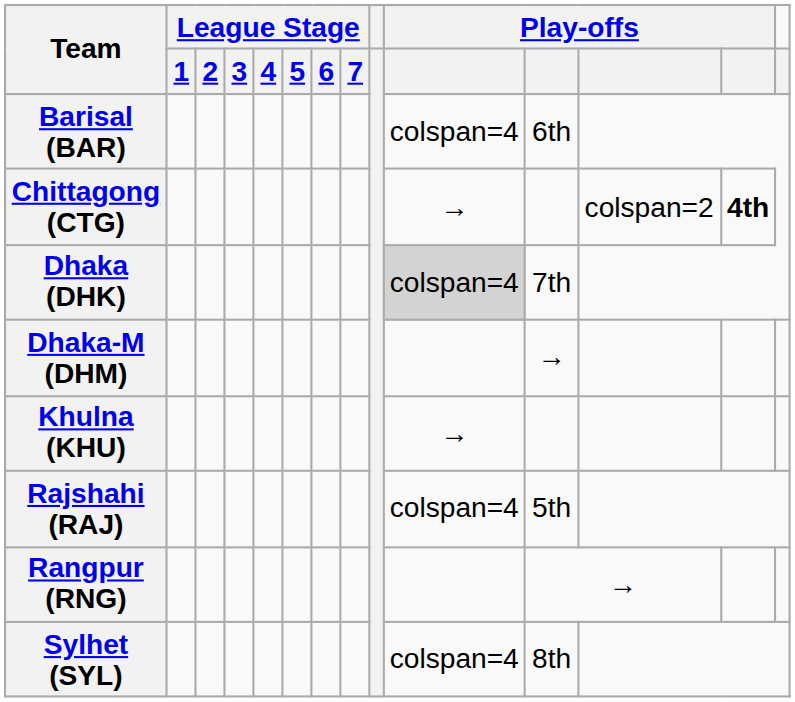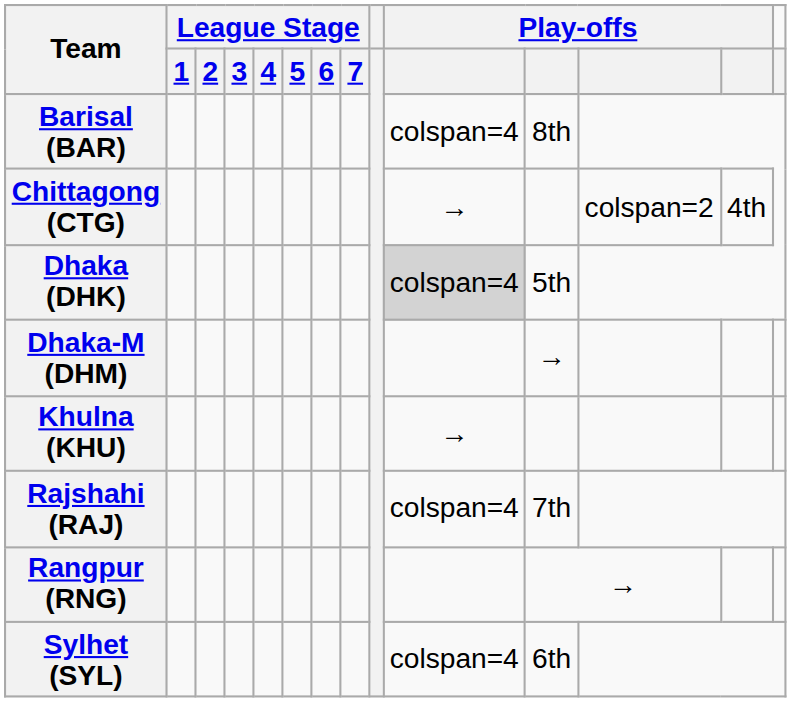 <table class="wikitable" style="font-size:85%; text-align:center;">
 <tr>
 <th style="text-align: center" rowspan=2>Team</th>
 <th style="text-align: center" colspan=7><strong><a href='#'>League Stage</a></strong></th>
 <th></th>
 <th style="text-align: center" colspan=4><strong><a href='#'>Play-offs</a></strong></th>
 </tr>
 <tr>
 <th><a href='#'>1</a></th>
 <th><a href='#'>2</a></th>
 <th><a href='#'>3</a></th>
 <th><a href='#'>4</a></th>
 <th><a href='#'>5</a></th>
 <th><a href='#'>6</a></th>
 <th><a href='#'>7</a></th>
 <th style="text-align: center" rowspan=9></th>
 <th></th>
 <th></th>
 <th></th>
 <th></th>
 <th></th>
 </tr>
 <tr>
 <th align="left"><strong><a href='#'>Barisal</a><br>(BAR)</strong></th>
 <td></td>
 <td></td>
 <td></td>
 <td></td>
 <td></td>
 <td></td>
 <td></td>
 <td>colspan=4 </td>
-<td>6th</td>
+<td>8th</td>
 </tr>
 <tr>
 <th align="left"><strong><a href='#'>Chittagong</a><br>(CTG)</strong></th>
 <td></td>
 <td></td>
 <td></td>
 <td></td>
 <td></td>
 <td></td>
 <td></td>
 <td>→</td>
 <td></td>
 <td>colspan=2 </td>
-<td><strong>4th</strong></td>
+<td>4th</td>
 </tr>
 <tr>
 <th align="left"><strong><a href='#'>Dhaka</a><br>(DHK)</strong></th>
 <td></td>
 <td></td>
 <td></td>
 <td></td>
 <td></td>
 <td></td>
 <td></td>
 <td style="background: lightgrey;">colspan=4 </td>
-<td>7th</td>
+<td>5th</td>
 </tr>
 <tr>
 <th align="left"><strong><a href='#'>Dhaka-M</a><br>(DHM)</strong></th>
 <td></td>
 <td></td>
 <td></td>
 <td></td>
 <td></td>
 <td></td>
 <td></td>
 <td></td>
 <td>→</td>
 <td></td>
 <td></td>
 <td></td>
 </tr>
 <tr>
 <th align="left"><strong><a href='#'>Khulna</a><br>(KHU)</strong></th>
 <td></td>
 <td></td>
 <td></td>
 <td></td>
 <td></td>
 <td></td>
 <td></td>
 <td>→</td>
 <td></td>
 <td></td>
 <td></td>
 <td></td>
 </tr>
 <tr>
 <th align="left"><strong><a href='#'>Rajshahi</a><br>(RAJ)</strong></th>
 <td></td>
 <td></td>
 <td></td>
 <td></td>
 <td></td>
 <td></td>
 <td></td>
 <td>colspan=4 </td>
-<td>5th</td>
+<td>7th</td>
 </tr>
 <tr>
 <th align="left"><strong><a href='#'>Rangpur</a><br>(RNG)</strong></th>
 <td></td>
 <td></td>
 <td></td>
 <td></td>
 <td></td>
 <td></td>
 <td></td>
 <td></td>
 <td colspan=2>→</td>
 <td></td>
 <td></td>
 </tr>
 <tr>
 <th align="left"><strong><a href='#'>Sylhet</a><br>(SYL)</strong></th>
 <td></td>
 <td></td>
 <td></td>
 <td></td>
 <td></td>
 <td></td>
 <td></td>
 <td>colspan=4 </td>
-<td>8th</td>
+<td>6th</td>
 </tr>
 </table>
